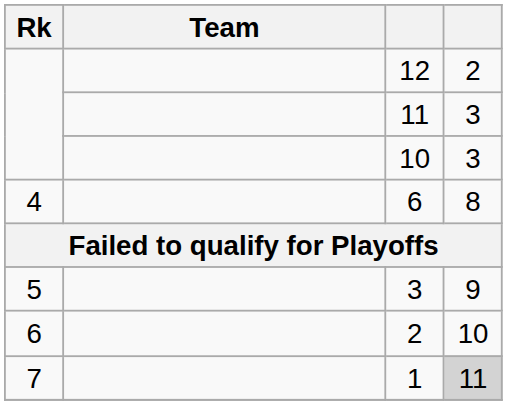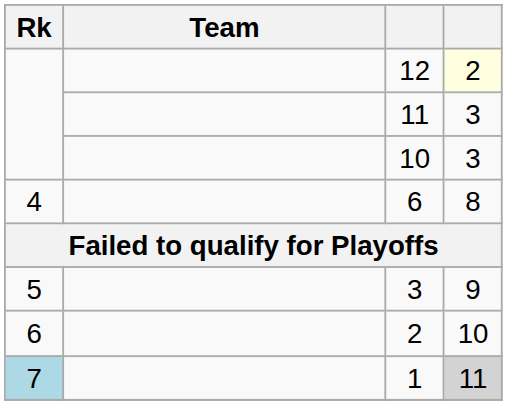 <table class=wikitable style="text-align:center; font-size:95%">
 <tr>
 <th width=25>Rk</th>
 <th width=170>Team</th>
 <th width=25></th>
 <th width=25></th>
 </tr>
 <tr>
 <td rowspan=3></td>
 <td align=left></td>
 <td>12</td>
-<td>2</td>
+<td style="background: lightyellow;">2</td>
 </tr>
 <tr>
 <td align=left></td>
 <td>11</td>
 <td>3</td>
 </tr>
 <tr>
 <td align=left></td>
 <td>10</td>
 <td>3</td>
 </tr>
 <tr>
 <td>4</td>
 <td align=left></td>
 <td>6</td>
 <td>8</td>
 </tr>
 <tr>
 <th colspan="8">Failed to qualify for Playoffs</th>
 </tr>
 <tr>
 <td>5</td>
 <td align=left></td>
 <td>3</td>
 <td>9</td>
 </tr>
 <tr>
 <td>6</td>
 <td align=left></td>
 <td>2</td>
 <td>10</td>
 </tr>
 <tr>
-<td>7</td>
+<td style="background: lightblue;">7</td>
 <td align=left></td>
 <td>1</td>
 <td style="background: lightgrey;">11</td>
 </tr>
 <tr>
 </tr>
 </table>
